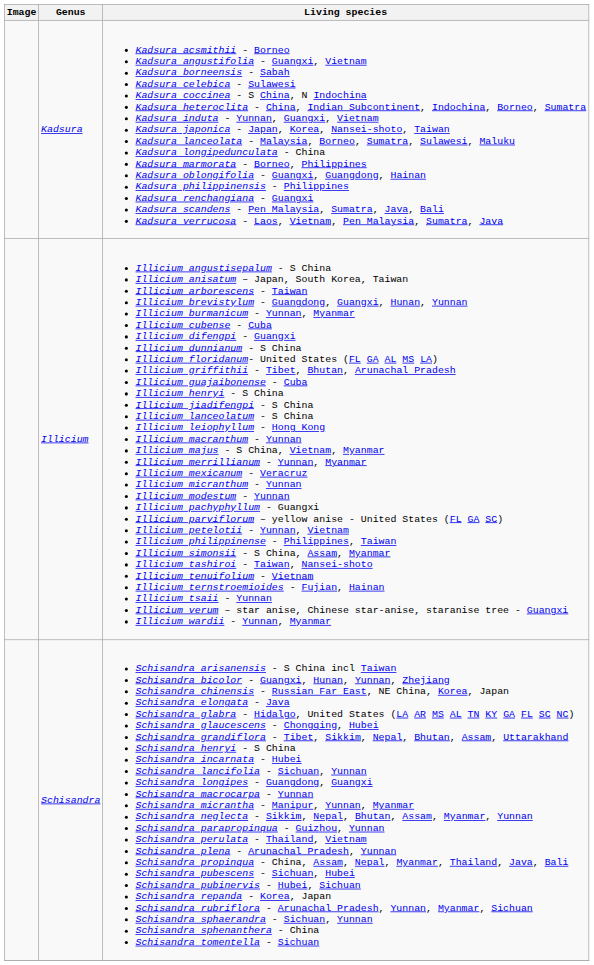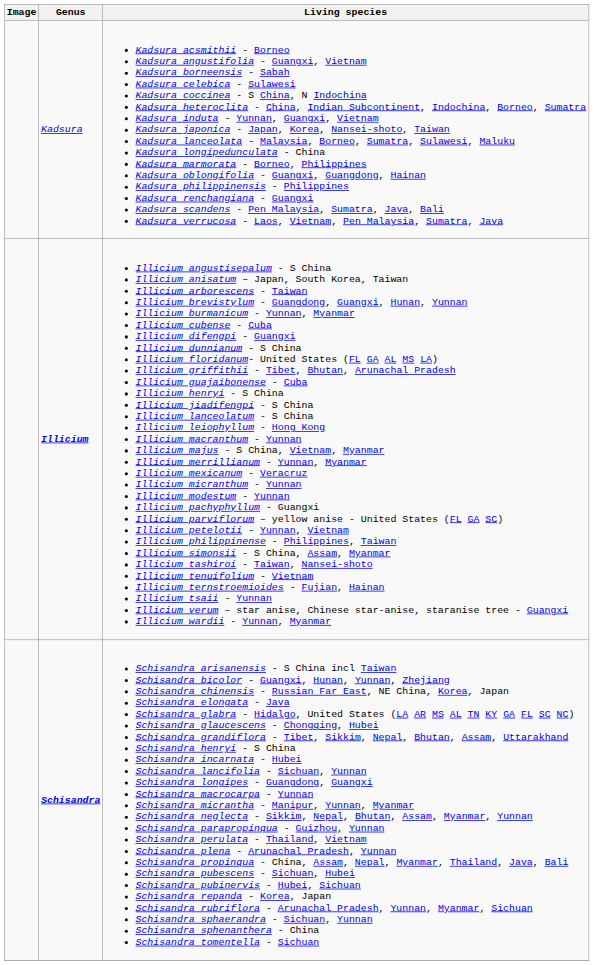 <table class="wikitable">
 <tr>
 <th>Image</th>
 <th>Genus</th>
 <th>Living species</th>
 </tr>
 <tr>
 <td></td>
 <td><em><a href='#'>Kadsura</a></em> </td>
 <td><br><ul><li><em><a href='#'>Kadsura acsmithii</a></em> - <a href='#'>Borneo</a></li><li><em><a href='#'>Kadsura angustifolia</a></em> - <a href='#'>Guangxi</a>, <a href='#'>Vietnam</a></li><li><em><a href='#'>Kadsura borneensis</a></em> - <a href='#'>Sabah</a></li><li><em><a href='#'>Kadsura celebica</a></em> - <a href='#'>Sulawesi</a></li><li><em><a href='#'>Kadsura coccinea</a></em> - S <a href='#'>China</a>, N <a href='#'>Indochina</a></li><li><em><a href='#'>Kadsura heteroclita</a></em> - <a href='#'>China</a>, <a href='#'>Indian Subcontinent</a>, <a href='#'>Indochina</a>, <a href='#'>Borneo</a>, <a href='#'>Sumatra</a></li><li><em><a href='#'>Kadsura induta</a></em> - <a href='#'>Yunnan</a>, <a href='#'>Guangxi</a>, <a href='#'>Vietnam</a></li><li><em><a href='#'>Kadsura japonica</a></em> - <a href='#'>Japan</a>, <a href='#'>Korea</a>, <a href='#'>Nansei-shoto</a>, <a href='#'>Taiwan</a></li><li><em><a href='#'>Kadsura lanceolata</a></em> - <a href='#'>Malaysia</a>, <a href='#'>Borneo</a>, <a href='#'>Sumatra</a>, <a href='#'>Sulawesi</a>, <a href='#'>Maluku</a></li><li><em><a href='#'>Kadsura longipedunculata</a></em> - China</li><li><em><a href='#'>Kadsura marmorata</a></em> - <a href='#'>Borneo</a>, <a href='#'>Philippines</a></li><li><em><a href='#'>Kadsura oblongifolia</a></em> - <a href='#'>Guangxi</a>, <a href='#'>Guangdong</a>, <a href='#'>Hainan</a></li><li><em><a href='#'>Kadsura philippinensis</a></em> - <a href='#'>Philippines</a></li><li><em><a href='#'>Kadsura renchangiana</a></em> - <a href='#'>Guangxi</a></li><li><em><a href='#'>Kadsura scandens</a></em> - <a href='#'>Pen Malaysia</a>, <a href='#'>Sumatra</a>, <a href='#'>Java</a>, <a href='#'>Bali</a></li><li><em><a href='#'>Kadsura verrucosa</a></em> - <a href='#'>Laos</a>, <a href='#'>Vietnam</a>, <a href='#'>Pen Malaysia</a>, <a href='#'>Sumatra</a>, <a href='#'>Java</a></li></ul></td>
 </tr>
 <tr>
 <td></td>
-<td><em><a href='#'>Illicium</a></em> </td>
+<td><strong><em><a href='#'>Illicium</a></em> </strong></td>
 <td><br><ul><li><em><a href='#'>Illicium angustisepalum</a></em> - S China</li><li><em><a href='#'>Illicium anisatum</a></em> – Japan, South Korea, Taiwan</li><li><em><a href='#'>Illicium arborescens</a></em> - <a href='#'>Taiwan</a></li><li><em><a href='#'>Illicium brevistylum</a></em> - <a href='#'>Guangdong</a>, <a href='#'>Guangxi</a>, <a href='#'>Hunan</a>, <a href='#'>Yunnan</a></li><li><em><a href='#'>Illicium burmanicum</a></em> - <a href='#'>Yunnan</a>, <a href='#'>Myanmar</a></li><li><em><a href='#'>Illicium cubense</a></em> - <a href='#'>Cuba</a></li><li><em><a href='#'>Illicium difengpi</a></em> - <a href='#'>Guangxi</a></li><li><em><a href='#'>Illicium dunnianum</a></em> - S China</li><li><em><a href='#'>Illicium floridanum</a></em>- United States (<a href='#'>FL</a> <a href='#'>GA</a> <a href='#'>AL</a> <a href='#'>MS</a> <a href='#'>LA</a>)</li><li><em><a href='#'>Illicium griffithii</a></em> - <a href='#'>Tibet</a>, <a href='#'>Bhutan</a>, <a href='#'>Arunachal Pradesh</a></li><li><em><a href='#'>Illicium guajaibonense</a></em> - <a href='#'>Cuba</a></li><li><em><a href='#'>Illicium henryi</a></em> - S China</li><li><em><a href='#'>Illicium jiadifengpi</a></em> - S China</li><li><em><a href='#'>Illicium lanceolatum</a></em> - S China</li><li><em><a href='#'>Illicium leiophyllum</a></em> - <a href='#'>Hong Kong</a></li><li><em><a href='#'>Illicium macranthum</a></em> - <a href='#'>Yunnan</a></li><li><em><a href='#'>Illicium majus</a></em> - S China, <a href='#'>Vietnam</a>, <a href='#'>Myanmar</a></li><li><em><a href='#'>Illicium merrillianum</a></em> - <a href='#'>Yunnan</a>, <a href='#'>Myanmar</a></li><li><em><a href='#'>Illicium mexicanum</a></em> - <a href='#'>Veracruz</a></li><li><em><a href='#'>Illicium micranthum</a></em> - <a href='#'>Yunnan</a></li><li><em><a href='#'>Illicium modestum</a></em> - <a href='#'>Yunnan</a></li><li><em><a href='#'>Illicium pachyphyllum</a></em> - Guangxi</li><li><em><a href='#'>Illicium parviflorum</a></em> – yellow anise - United States (<a href='#'>FL</a> <a href='#'>GA</a> <a href='#'>SC</a>)</li><li><em><a href='#'>Illicium petelotii</a></em> - <a href='#'>Yunnan</a>, <a href='#'>Vietnam</a></li><li><em><a href='#'>Illicium philippinense</a></em> - <a href='#'>Philippines</a>, <a href='#'>Taiwan</a></li><li><em><a href='#'>Illicium simonsii</a></em> - S China, <a href='#'>Assam</a>, <a href='#'>Myanmar</a></li><li><em><a href='#'>Illicium tashiroi</a></em> - <a href='#'>Taiwan</a>, <a href='#'>Nansei-shoto</a></li><li><em><a href='#'>Illicium tenuifolium</a></em> - <a href='#'>Vietnam</a></li><li><em><a href='#'>Illicium ternstroemioides</a></em> - <a href='#'>Fujian</a>, <a href='#'>Hainan</a></li><li><em><a href='#'>Illicium tsaii</a></em> - <a href='#'>Yunnan</a></li><li><em><a href='#'>Illicium verum</a></em> – star anise, Chinese star-anise, staranise tree - <a href='#'>Guangxi</a></li><li><em><a href='#'>Illicium wardii</a></em> - <a href='#'>Yunnan</a>, <a href='#'>Myanmar</a></li></ul></td>
 </tr>
 <tr>
 <td></td>
-<td><em><a href='#'>Schisandra</a></em> </td>
+<td><strong><em><a href='#'>Schisandra</a></em> </strong></td>
 <td><br><ul><li><em><a href='#'>Schisandra arisanensis</a></em> - S China incl <a href='#'>Taiwan</a></li><li><em><a href='#'>Schisandra bicolor</a></em> - <a href='#'>Guangxi</a>, <a href='#'>Hunan</a>, <a href='#'>Yunnan</a>, <a href='#'>Zhejiang</a></li><li><em><a href='#'>Schisandra chinensis</a></em> - <a href='#'>Russian Far East</a>, NE China, <a href='#'>Korea</a>, Japan</li><li><em><a href='#'>Schisandra elongata</a></em> - <a href='#'>Java</a></li><li><em><a href='#'>Schisandra glabra</a></em> - <a href='#'>Hidalgo</a>, United States (<a href='#'>LA</a> <a href='#'>AR</a> <a href='#'>MS</a> <a href='#'>AL</a> <a href='#'>TN</a> <a href='#'>KY</a> <a href='#'>GA</a> <a href='#'>FL</a> <a href='#'>SC</a> <a href='#'>NC</a>)</li><li><em><a href='#'>Schisandra glaucescens</a></em> - <a href='#'>Chongqing</a>, <a href='#'>Hubei</a></li><li><em><a href='#'>Schisandra grandiflora</a></em> - <a href='#'>Tibet</a>, <a href='#'>Sikkim</a>, <a href='#'>Nepal</a>, <a href='#'>Bhutan</a>, <a href='#'>Assam</a>, <a href='#'>Uttarakhand</a></li><li><em><a href='#'>Schisandra henryi</a></em> - S China</li><li><em><a href='#'>Schisandra incarnata</a></em> - <a href='#'>Hubei</a></li><li><em><a href='#'>Schisandra lancifolia</a></em> - <a href='#'>Sichuan</a>, <a href='#'>Yunnan</a></li><li><em><a href='#'>Schisandra longipes</a></em> - <a href='#'>Guangdong</a>, <a href='#'>Guangxi</a></li><li><em><a href='#'>Schisandra macrocarpa</a></em> - <a href='#'>Yunnan</a></li><li><em><a href='#'>Schisandra micrantha</a></em> - <a href='#'>Manipur</a>, <a href='#'>Yunnan</a>, <a href='#'>Myanmar</a></li><li><em><a href='#'>Schisandra neglecta</a></em> - <a href='#'>Sikkim</a>, <a href='#'>Nepal</a>, <a href='#'>Bhutan</a>, <a href='#'>Assam</a>, <a href='#'>Myanmar</a>, <a href='#'>Yunnan</a></li><li><em><a href='#'>Schisandra parapropinqua</a></em> - <a href='#'>Guizhou</a>, <a href='#'>Yunnan</a></li><li><em><a href='#'>Schisandra perulata</a></em> - <a href='#'>Thailand</a>, <a href='#'>Vietnam</a></li><li><em><a href='#'>Schisandra plena</a></em> - <a href='#'>Arunachal Pradesh</a>, <a href='#'>Yunnan</a></li><li><em><a href='#'>Schisandra propinqua</a></em> - China, <a href='#'>Assam</a>, <a href='#'>Nepal</a>, <a href='#'>Myanmar</a>, <a href='#'>Thailand</a>, <a href='#'>Java</a>, <a href='#'>Bali</a></li><li><em><a href='#'>Schisandra pubescens</a></em> - <a href='#'>Sichuan</a>, <a href='#'>Hubei</a></li><li><em><a href='#'>Schisandra pubinervis</a></em> - <a href='#'>Hubei</a>, <a href='#'>Sichuan</a></li><li><em><a href='#'>Schisandra repanda</a></em> - <a href='#'>Korea</a>, Japan</li><li><em><a href='#'>Schisandra rubriflora</a></em>  - <a href='#'>Arunachal Pradesh</a>, <a href='#'>Yunnan</a>, <a href='#'>Myanmar</a>, <a href='#'>Sichuan</a></li><li><em><a href='#'>Schisandra sphaerandra</a></em> - <a href='#'>Sichuan</a>, <a href='#'>Yunnan</a></li><li><em><a href='#'>Schisandra sphenanthera</a></em> - China</li><li><em><a href='#'>Schisandra tomentella</a></em> - <a href='#'>Sichuan</a></li></ul></td>
 </tr>
 <tr>
 </tr>
 </table>
